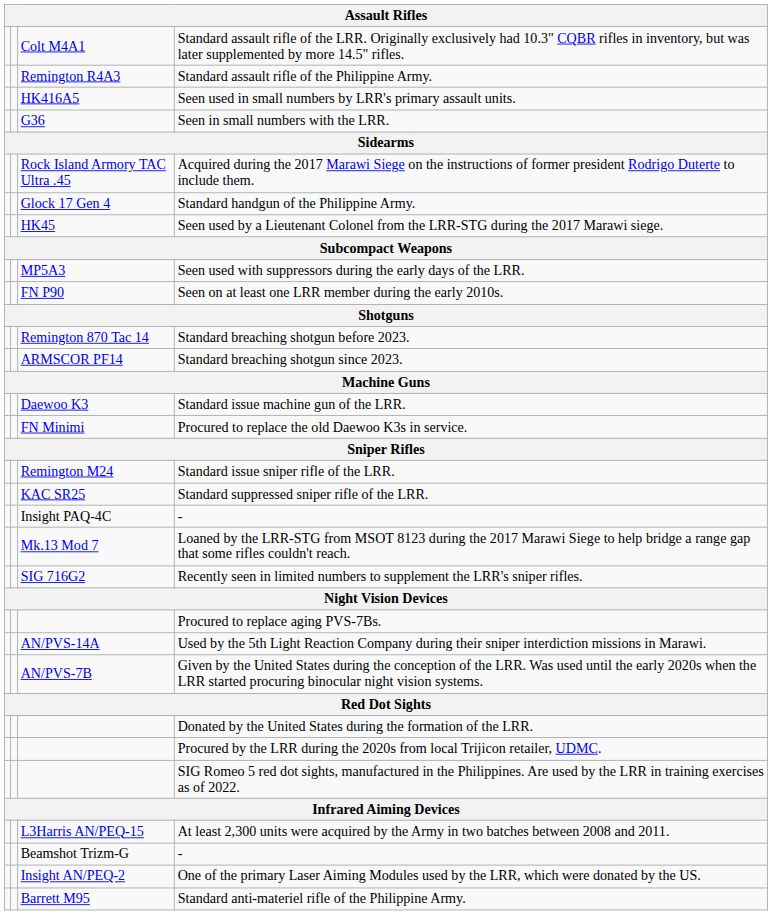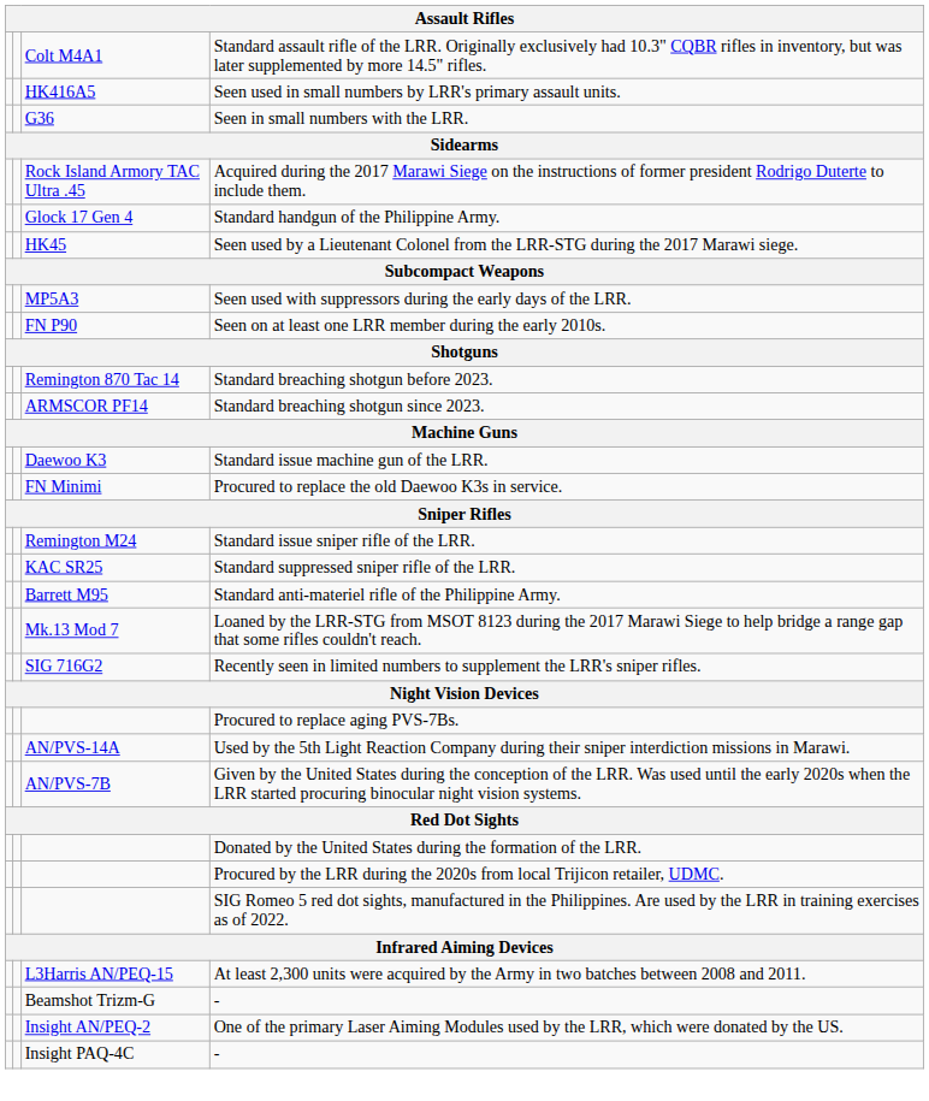 <table class="wikitable">
 <tr>
 <th colspan="4">Assault Rifles</th>
 </tr>
 <tr>
 <td></td>
 <td></td>
 <td><a href='#'>Colt M4A1</a></td>
 <td>Standard assault rifle of the LRR. Originally exclusively had 10.3" <a href='#'>CQBR</a> rifles in inventory, but was later supplemented by more 14.5" rifles.</td>
-</tr>
-<tr>
-<td></td>
-<td></td>
-<td><a href='#'>Remington R4A3</a></td>
-<td>Standard assault rifle of the Philippine Army.</td>
 </tr>
 <tr>
 <td></td>
 <td></td>
 <td><a href='#'>HK416A5</a></td>
 <td>Seen used in small numbers by LRR's primary assault units.</td>
 </tr>
 <tr>
 <td></td>
 <td></td>
 <td><a href='#'>G36</a></td>
 <td>Seen in small numbers with the LRR.</td>
 </tr>
 <tr>
 <th colspan="4">Sidearms</th>
 </tr>
 <tr>
 <td></td>
 <td></td>
 <td><a href='#'>Rock Island Armory TAC Ultra .45</a></td>
 <td>Acquired during the 2017 <a href='#'>Marawi Siege</a> on the instructions of former president <a href='#'>Rodrigo Duterte</a> to include them.</td>
 </tr>
 <tr>
 <td></td>
 <td><br></td>
 <td><a href='#'>Glock 17 Gen 4</a></td>
 <td>Standard handgun of the Philippine Army.</td>
 </tr>
 <tr>
 <td></td>
 <td></td>
 <td><a href='#'>HK45</a></td>
 <td>Seen used by a Lieutenant Colonel from the LRR-STG during the 2017 Marawi siege.</td>
 </tr>
 <tr>
 <th colspan="4">Subcompact Weapons</th>
 </tr>
 <tr>
 <td></td>
 <td></td>
 <td><a href='#'>MP5A3</a></td>
 <td>Seen used with suppressors during the early days of the LRR.</td>
 </tr>
 <tr>
 <td></td>
 <td></td>
 <td><a href='#'>FN P90</a></td>
 <td>Seen on at least one LRR member during the early 2010s.</td>
 </tr>
 <tr>
 <th colspan="4">Shotguns</th>
 </tr>
 <tr>
 <td></td>
 <td></td>
 <td><a href='#'>Remington 870 Tac 14</a></td>
 <td>Standard breaching shotgun before 2023.</td>
 </tr>
 <tr>
 <td></td>
 <td></td>
 <td><a href='#'>ARMSCOR PF14</a></td>
 <td>Standard breaching shotgun since 2023.</td>
 </tr>
 <tr>
 <th colspan="4">Machine Guns</th>
 </tr>
 <tr>
 <td></td>
 <td></td>
 <td><a href='#'>Daewoo K3</a></td>
 <td>Standard issue machine gun of the LRR.</td>
 </tr>
 <tr>
 <td></td>
 <td></td>
 <td><a href='#'>FN Minimi</a></td>
 <td>Procured to replace the old Daewoo K3s in service.</td>
 </tr>
 <tr>
 <th colspan="4">Sniper Rifles</th>
 </tr>
 <tr>
 <td></td>
 <td></td>
 <td><a href='#'>Remington M24</a></td>
 <td>Standard issue sniper rifle of the LRR.</td>
 </tr>
 <tr>
 <td></td>
 <td></td>
 <td><a href='#'>KAC SR25</a></td>
 <td>Standard suppressed sniper rifle of the LRR.</td>
 </tr>
 <tr>
 <td></td>
 <td></td>
-<td>Insight PAQ-4C</td>
-<td>-</td>
+<td><a href='#'>Barrett M95</a></td>
+<td>Standard anti-materiel rifle of the Philippine Army.</td>
 </tr>
 <tr>
 <td></td>
 <td></td>
 <td><a href='#'>Mk.13 Mod 7</a></td>
 <td>Loaned by the LRR-STG from MSOT 8123 during the 2017 Marawi Siege to help bridge a range gap that some rifles couldn't reach.</td>
 </tr>
 <tr>
 <td></td>
 <td></td>
 <td><a href='#'>SIG 716G2</a></td>
 <td>Recently seen in limited numbers to supplement the LRR's sniper rifles.</td>
 </tr>
 <tr>
 <th colspan="4">Night Vision Devices</th>
 </tr>
 <tr>
 <td></td>
 <td></td>
 <td></td>
 <td>Procured to replace aging PVS-7Bs.</td>
 </tr>
 <tr>
 <td></td>
 <td></td>
 <td><a href='#'>AN/PVS-14A</a></td>
 <td>Used by the 5th Light Reaction Company during their sniper interdiction missions in Marawi.</td>
 </tr>
 <tr>
 <td></td>
 <td></td>
 <td><a href='#'>AN/PVS-7B</a></td>
 <td>Given by the United States during the conception of the LRR. Was used until the early 2020s when the LRR started procuring binocular night vision systems.</td>
 </tr>
 <tr>
 <th colspan="4">Red Dot Sights</th>
 </tr>
 <tr>
 <td></td>
 <td></td>
 <td></td>
 <td>Donated by the United States during the formation of the LRR.</td>
 </tr>
 <tr>
 <td></td>
 <td></td>
 <td></td>
 <td>Procured by the LRR during the 2020s from local Trijicon retailer, <a href='#'>UDMC</a>.</td>
 </tr>
 <tr>
 <td></td>
 <td><br></td>
 <td></td>
 <td>SIG Romeo 5 red dot sights, manufactured in the Philippines. Are used by the LRR in training exercises as of 2022.</td>
 </tr>
 <tr>
 <th colspan="4">Infrared Aiming Devices</th>
 </tr>
 <tr>
 <td></td>
 <td></td>
 <td><a href='#'>L3Harris AN/PEQ-15</a></td>
 <td>At least 2,300 units were acquired by the Army in two batches between 2008 and 2011.</td>
 </tr>
 <tr>
 <td></td>
 <td></td>
 <td>Beamshot Trizm-G</td>
 <td>-</td>
 </tr>
 <tr>
 <td></td>
 <td></td>
 <td><a href='#'>Insight AN/PEQ-2</a></td>
 <td>One of the primary Laser Aiming Modules used by the LRR, which were donated by the US.</td>
 </tr>
 <tr>
 <td></td>
 <td></td>
-<td><a href='#'>Barrett M95</a></td>
-<td>Standard anti-materiel rifle of the Philippine Army.</td>
+<td>Insight PAQ-4C</td>
+<td>-</td>
 </tr>
 </table>
